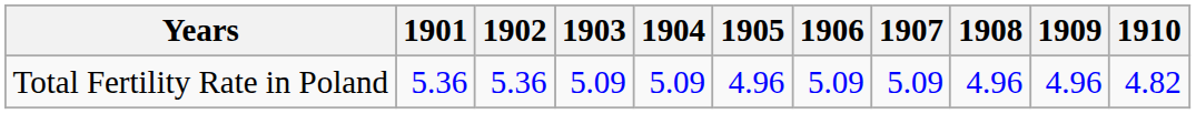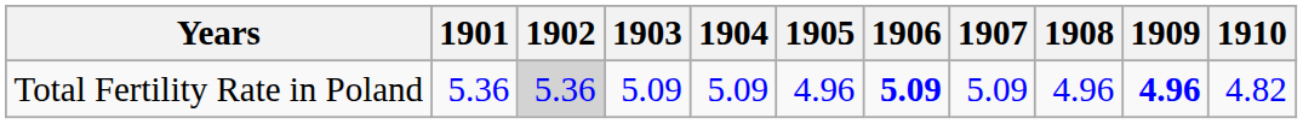 <table class="wikitable " style="text-align:right">
 <tr>
 <th>Years</th>
 <th>1901</th>
 <th>1902</th>
 <th>1903</th>
 <th>1904</th>
 <th>1905</th>
 <th>1906</th>
 <th>1907</th>
 <th>1908</th>
 <th>1909</th>
 <th>1910</th>
 </tr>
 <tr>
 <td align="left">Total Fertility Rate in Poland</td>
 <td style="text-align:right; color:blue;">5.36</td>
-<td style="text-align:right; color:blue;">5.36</td>
+<td style="background: lightgrey; text-align:right; color:blue;">5.36</td>
 <td style="text-align:right; color:blue;">5.09</td>
 <td style="text-align:right; color:blue;">5.09</td>
 <td style="text-align:right; color:blue;">4.96</td>
-<td style="text-align:right; color:blue;">5.09</td>
+<td style="text-align:right; color:blue;"><strong>5.09</strong></td>
 <td style="text-align:right; color:blue;">5.09</td>
 <td style="text-align:right; color:blue;">4.96</td>
-<td style="text-align:right; color:blue;">4.96</td>
+<td style="text-align:right; color:blue;"><strong>4.96</strong></td>
 <td style="text-align:right; color:blue;">4.82</td>
 </tr>
 </table>
